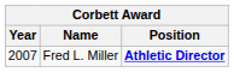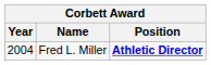 <table class="wikitable">
 <tr align="center">
 <th colspan=5>Corbett Award</th>
 </tr>
 <tr>
 <th>Year</th>
 <th>Name</th>
 <th>Position</th>
 </tr>
 <tr align="center" bgcolor="">
-<td>2007</td>
+<td>2004</td>
 <td>Fred L. Miller</td>
 <td><strong><a href='#'>Athletic Director</a></strong></td>
 </tr>
 </table>
